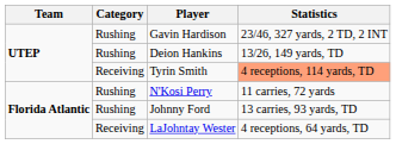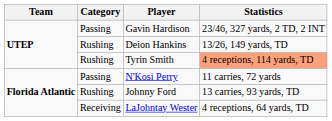 <table class="wikitable" style="float: left;">
 <tr>
 <th>Team</th>
 <th>Category</th>
 <th>Player</th>
 <th>Statistics</th>
 </tr>
 <tr>
 <td rowspan=3><strong>UTEP</strong></td>
-<td>Rushing</td>
+<td>Passing</td>
 <td>Gavin Hardison</td>
 <td>23/46, 327 yards, 2 TD, 2 INT</td>
 </tr>
 <tr>
 <td>Rushing</td>
 <td>Deion Hankins</td>
 <td>13/26, 149 yards, TD</td>
 </tr>
 <tr>
-<td>Receiving</td>
+<td>Rushing</td>
 <td>Tyrin Smith</td>
 <td style="background: lightsalmon;">4 receptions, 114 yards, TD</td>
 </tr>
 <tr>
 <td rowspan=3><strong>Florida Atlantic</strong></td>
-<td>Rushing</td>
+<td>Passing</td>
 <td><a href='#'>N'Kosi Perry</a></td>
 <td>11 carries, 72 yards</td>
 </tr>
 <tr>
 <td>Rushing</td>
 <td>Johnny Ford</td>
 <td>13 carries, 93 yards, TD</td>
 </tr>
 <tr>
 <td>Receiving</td>
 <td><a href='#'>LaJohntay Wester</a></td>
 <td>4 receptions, 64 yards, TD</td>
 </tr>
 </table>
